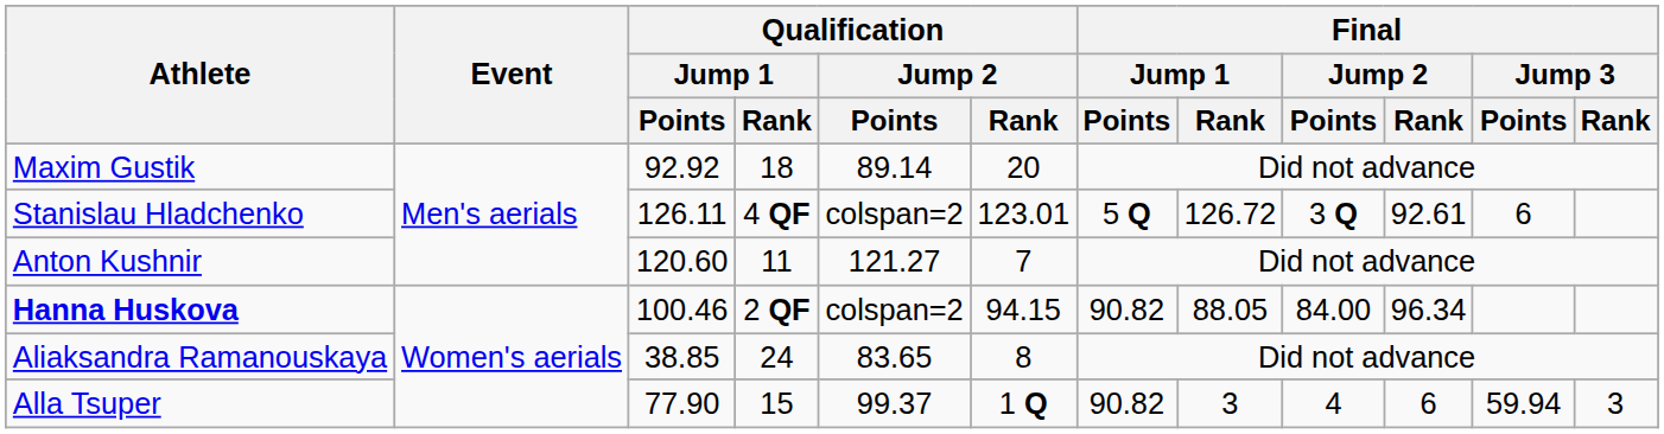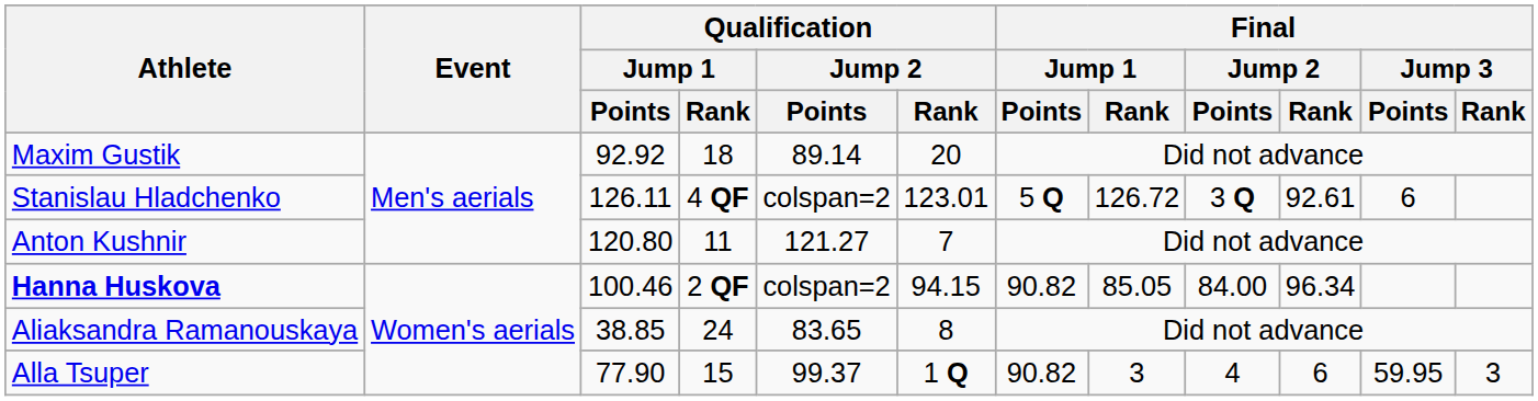 <table class="wikitable" style="font-size:90%">
 <tr>
 <th rowspan="3">Athlete</th>
 <th rowspan="3">Event</th>
 <th colspan=4>Qualification</th>
 <th colspan=6>Final</th>
 </tr>
 <tr style="font-size:95%">
 <th colspan=2>Jump 1</th>
 <th colspan=2>Jump 2</th>
 <th colspan=2>Jump 1</th>
 <th colspan=2>Jump 2</th>
 <th colspan=2>Jump 3</th>
 </tr>
 <tr style="font-size:95%">
 <th>Points</th>
 <th>Rank</th>
 <th>Points</th>
 <th>Rank</th>
 <th>Points</th>
 <th>Rank</th>
 <th>Points</th>
 <th>Rank</th>
 <th>Points</th>
 <th>Rank</th>
 </tr>
 <tr align=center>
 <td align=left><a href='#'>Maxim Gustik</a></td>
 <td rowspan="3" align="left"><a href='#'>Men's aerials</a></td>
 <td>92.92</td>
 <td>18</td>
 <td>89.14</td>
 <td>20</td>
 <td colspan=6>Did not advance</td>
 </tr>
 <tr align=center>
 <td align=left><a href='#'>Stanislau Hladchenko</a></td>
 <td>126.11</td>
 <td>4 <strong>QF</strong></td>
 <td>colspan=2 </td>
 <td>123.01</td>
 <td>5 <strong>Q</strong></td>
 <td>126.72</td>
 <td>3 <strong>Q</strong></td>
 <td>92.61</td>
 <td>6</td>
 </tr>
 <tr align=center>
 <td align=left><a href='#'>Anton Kushnir</a></td>
-<td>120.60</td>
+<td>120.80</td>
 <td>11</td>
 <td>121.27</td>
 <td>7</td>
 <td colspan=6>Did not advance</td>
 </tr>
 <tr align=center>
 <td align=left><strong><a href='#'>Hanna Huskova</a></strong></td>
 <td align=left rowspan=3><a href='#'>Women's aerials</a></td>
 <td>100.46</td>
 <td>2 <strong>QF</strong></td>
 <td>colspan=2 </td>
 <td>94.15</td>
 <td>90.82</td>
-<td>88.05</td>
+<td>85.05</td>
 <td>84.00</td>
 <td>96.34</td>
 <td></td>
 </tr>
 <tr align=center>
 <td align=left><a href='#'>Aliaksandra Ramanouskaya</a></td>
 <td>38.85</td>
 <td>24</td>
 <td>83.65</td>
 <td>8</td>
 <td colspan=6>Did not advance</td>
 </tr>
 <tr align=center>
 <td align=left><a href='#'>Alla Tsuper</a></td>
 <td>77.90</td>
 <td>15</td>
 <td>99.37</td>
 <td>1 <strong>Q</strong></td>
 <td>90.82</td>
 <td>3</td>
 <td>4</td>
 <td>6</td>
-<td>59.94</td>
+<td>59.95</td>
 <td>3</td>
 </tr>
 </table>
